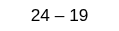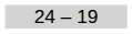 <table style="text-align:center">
 <tr>
 <th width=200></th>
 <th width=100></th>
 <th width=200></th>
 </tr>
 <tr>
 <td align=right><strong></strong></td>
-<td>24 – 19</td>
+<td style="background: lightgrey;">24 – 19</td>
 <td align=left></td>
 </tr>
 </table>
